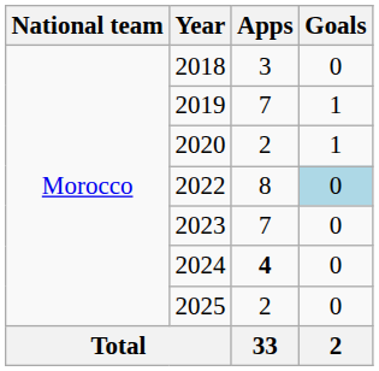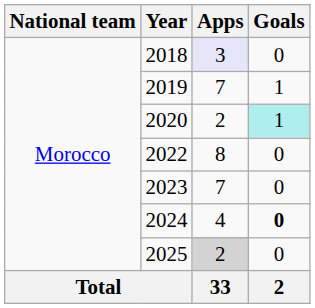 <table class="wikitable" style="text-align:center">
 <tr>
 <th>National team</th>
 <th>Year</th>
 <th>Apps</th>
 <th>Goals</th>
 </tr>
 <tr>
 <td rowspan="7"><a href='#'>Morocco</a></td>
 <td>2018</td>
-<td>3</td>
+<td style="background: lavender;">3</td>
 <td>0</td>
 </tr>
 <tr>
 <td>2019</td>
 <td>7</td>
 <td>1</td>
 </tr>
 <tr>
 <td>2020</td>
 <td>2</td>
-<td>1</td>
+<td style="background: paleturquoise;">1</td>
 </tr>
 <tr>
 <td>2022</td>
 <td>8</td>
-<td style="background: lightblue;">0</td>
+<td>0</td>
 </tr>
 <tr>
 <td>2023</td>
 <td>7</td>
 <td>0</td>
 </tr>
 <tr>
 <td>2024</td>
-<td><strong>4</strong></td>
-<td>0</td>
+<td>4</td>
+<td><strong>0</strong></td>
 </tr>
 <tr>
 <td>2025</td>
-<td>2</td>
+<td style="background: lightgrey;">2</td>
 <td>0</td>
 </tr>
 <tr>
 <th colspan="2">Total</th>
 <th>33</th>
 <th>2</th>
 </tr>
 </table>
